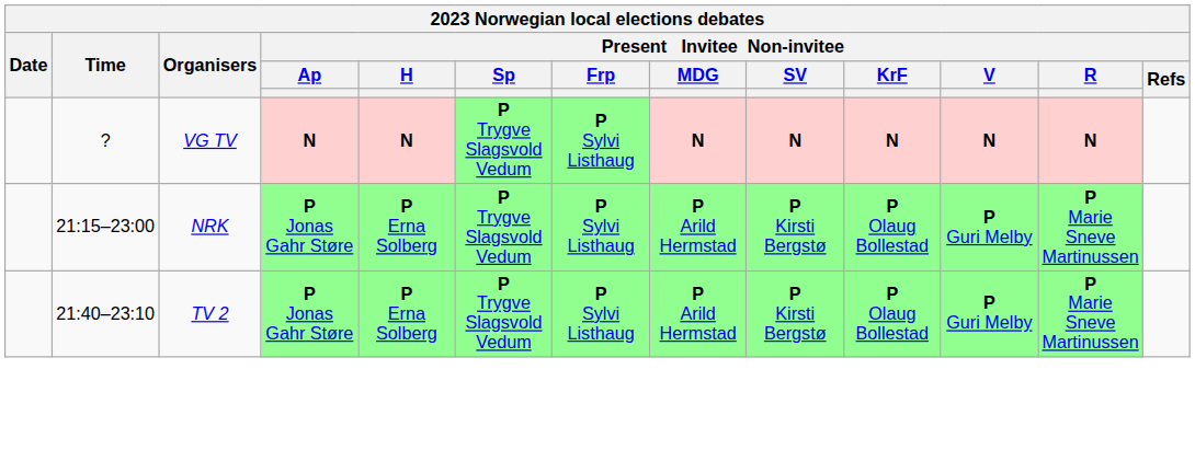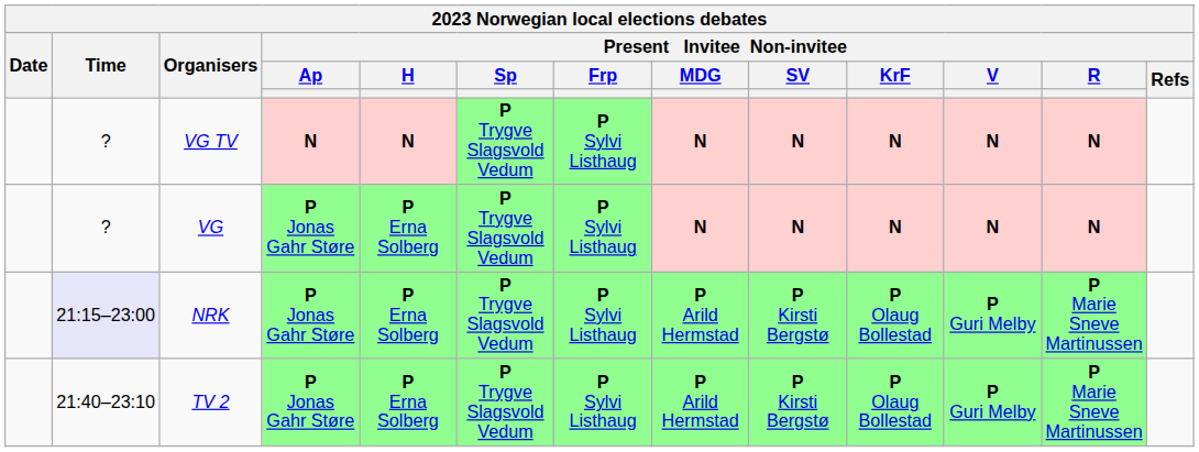 <table class="wikitable" style="font-size:85%; line-height:15px; text-align:center;">
 <tr>
 <th colspan="13">2023 Norwegian local elections debates</th>
 </tr>
 <tr>
 <th rowspan="3">Date</th>
 <th rowspan="3">Time</th>
 <th rowspan="3">Organisers</th>
 <th colspan="10"> Present    Invitee  Non-invitee </th>
 </tr>
 <tr>
 <th scope="col" style="width:5em;"><a href='#'>Ap</a></th>
 <th scope="col" style="width:5em;"><a href='#'>H</a></th>
 <th scope="col" style="width:5em;"><a href='#'>Sp</a></th>
 <th scope="col" style="width:5em;"><a href='#'>Frp</a></th>
 <th scope="col" style="width:5em;"><a href='#'>MDG</a></th>
 <th scope="col" style="width:5em;"><a href='#'>SV</a></th>
 <th scope="col" style="width:5em;"><a href='#'>KrF</a></th>
 <th scope="col" style="width:5em;"><a href='#'>V</a></th>
 <th scope="col" style="width:5em;"><a href='#'>R</a></th>
 <th rowspan="2">Refs</th>
 </tr>
 <tr>
 <th style="background:"></th>
 <th style="background:"></th>
 <th style="background:"></th>
 <th style="background:"></th>
 <th style="background:"></th>
 <th style="background:"></th>
 <th style="background:"></th>
 <th style="background:"></th>
 <th style="background:"></th>
 </tr>
 <tr>
 <td></td>
 <td>?</td>
 <td><em><a href='#'>VG TV</a></em></td>
 <td style="background:#FFD0D0"><strong>N</strong><br></td>
 <td style="background:#FFD0D0"><strong>N</strong><br></td>
 <td style="background:#90FF90"><strong>P</strong><br><a href='#'>Trygve Slagsvold Vedum</a></td>
 <td style="background:#90FF90"><strong>P</strong><br><a href='#'>Sylvi Listhaug</a></td>
 <td style="background:#FFD0D0"><strong>N</strong><br></td>
 <td style="background:#FFD0D0"><strong>N</strong><br></td>
 <td style="background:#FFD0D0"><strong>N</strong><br></td>
 <td style="background:#FFD0D0"><strong>N</strong><br></td>
 <td style="background:#FFD0D0"><strong>N</strong><br></td>
 <td></td>
 </tr>
 <tr>
 <td></td>
-<td>21:15–23:00</td>
+<td>?</td>
+<td><em><a href='#'>VG</a></em></td>
+<td style="background:#90FF90"><strong>P</strong><br><a href='#'>Jonas Gahr Støre</a></td>
+<td style="background:#90FF90"><strong>P</strong><br><a href='#'>Erna Solberg</a></td>
+<td style="background:#90FF90"><strong>P</strong><br><a href='#'>Trygve Slagsvold Vedum</a></td>
+<td style="background:#90FF90"><strong>P</strong><br><a href='#'>Sylvi Listhaug</a></td>
+<td style="background:#FFD0D0"><strong>N</strong><br></td>
+<td style="background:#FFD0D0"><strong>N</strong><br></td>
+<td style="background:#FFD0D0"><strong>N</strong><br></td>
+<td style="background:#FFD0D0"><strong>N</strong><br></td>
+<td style="background:#FFD0D0"><strong>N</strong><br></td>
+<td></td>
+</tr>
+<tr>
+<td></td>
+<td style="background: lavender;">21:15–23:00</td>
 <td><em><a href='#'>NRK</a></em></td>
 <td style="background:#90FF90"><strong>P</strong><br><a href='#'>Jonas Gahr Støre</a></td>
 <td style="background:#90FF90"><strong>P</strong><br><a href='#'>Erna Solberg</a></td>
 <td style="background:#90FF90"><strong>P</strong><br><a href='#'>Trygve Slagsvold Vedum</a></td>
 <td style="background:#90FF90"><strong>P</strong><br><a href='#'>Sylvi Listhaug</a></td>
 <td style="background:#90FF90"><strong>P</strong><br><a href='#'>Arild Hermstad</a></td>
 <td style="background:#90FF90"><strong>P</strong><br><a href='#'>Kirsti Bergstø</a></td>
 <td style="background:#90FF90"><strong>P</strong><br><a href='#'>Olaug Bollestad</a></td>
 <td style="background:#90FF90"><strong>P</strong><br><a href='#'>Guri Melby</a></td>
 <td style="background:#90FF90"><strong>P</strong><br><a href='#'>Marie Sneve Martinussen</a></td>
 <td></td>
 </tr>
 <tr>
 <td></td>
 <td>21:40–23:10</td>
 <td><em><a href='#'>TV 2</a></em></td>
 <td style="background:#90FF90"><strong>P</strong><br><a href='#'>Jonas Gahr Støre</a></td>
 <td style="background:#90FF90"><strong>P</strong><br><a href='#'>Erna Solberg</a></td>
 <td style="background:#90FF90"><strong>P</strong><br><a href='#'>Trygve Slagsvold Vedum</a></td>
 <td style="background:#90FF90"><strong>P</strong><br><a href='#'>Sylvi Listhaug</a></td>
 <td style="background:#90FF90"><strong>P</strong><br><a href='#'>Arild Hermstad</a></td>
 <td style="background:#90FF90"><strong>P</strong><br><a href='#'>Kirsti Bergstø</a></td>
 <td style="background:#90FF90"><strong>P</strong><br><a href='#'>Olaug Bollestad</a></td>
 <td style="background:#90FF90"><strong>P</strong><br><a href='#'>Guri Melby</a></td>
 <td style="background:#90FF90"><strong>P</strong><br><a href='#'>Marie Sneve Martinussen</a></td>
 <td></td>
 </tr>
 </table>
